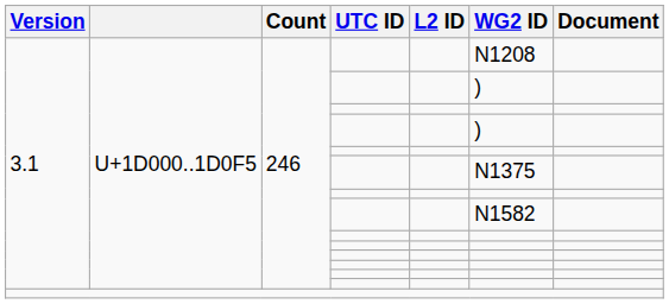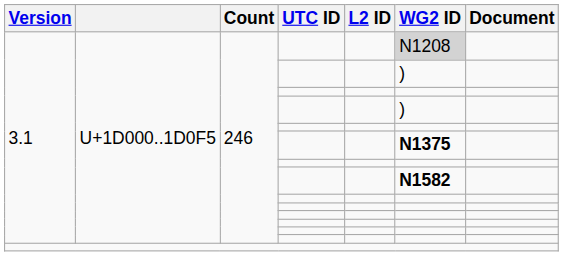 <table class="wikitable sticky-header">
 <tr>
 <th><a href='#'>Version</a></th>
 <th></th>
 <th>Count</th>
 <th><a href='#'>UTC</a> ID</th>
 <th><a href='#'>L2</a> ID</th>
 <th><a href='#'>WG2</a> ID</th>
 <th>Document</th>
 </tr>
 <tr>
 <td rowspan="14">3.1</td>
 <td rowspan="14">U+1D000..1D0F5</td>
 <td rowspan="14">246</td>
 <td></td>
 <td></td>
-<td>N1208</td>
+<td style="background: lightgrey;">N1208</td>
 <td></td>
 </tr>
 <tr>
 <td></td>
 <td></td>
 <td> )</td>
 <td></td>
 </tr>
 <tr>
 <td></td>
 <td></td>
 <td></td>
 <td></td>
 </tr>
 <tr>
 <td></td>
 <td></td>
 <td> )</td>
 <td></td>
 </tr>
 <tr>
 <td></td>
 <td></td>
 <td></td>
 <td></td>
 </tr>
 <tr>
 <td></td>
 <td></td>
-<td>N1375</td>
+<td><strong>N1375</strong></td>
 <td></td>
 </tr>
 <tr>
 <td></td>
 <td></td>
 <td></td>
 <td></td>
 </tr>
 <tr>
 <td></td>
 <td></td>
-<td>N1582</td>
+<td><strong>N1582</strong></td>
 <td></td>
 </tr>
 <tr>
 <td></td>
 <td></td>
 <td></td>
 <td></td>
 </tr>
 <tr>
 <td></td>
 <td></td>
 <td></td>
 <td></td>
 </tr>
 <tr>
 <td></td>
 <td></td>
 <td></td>
 <td></td>
 </tr>
 <tr>
 <td></td>
 <td></td>
 <td></td>
 <td></td>
 </tr>
 <tr>
 <td></td>
 <td></td>
 <td></td>
 <td></td>
 </tr>
 <tr>
 <td></td>
 <td></td>
 <td></td>
 <td></td>
 </tr>
 <tr class="sortbottom">
 <td colspan="7"></td>
 </tr>
 </table>
